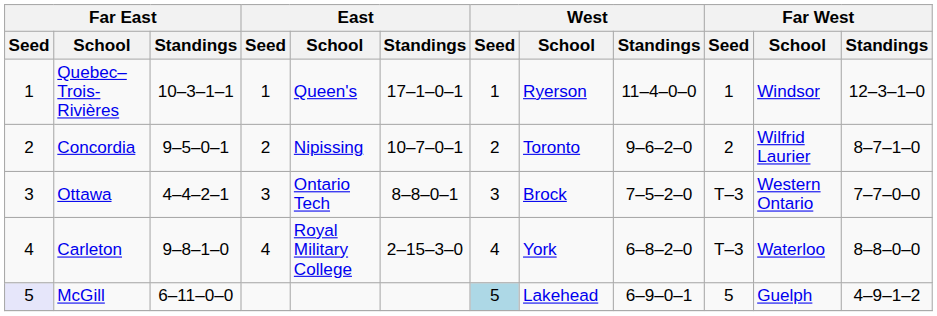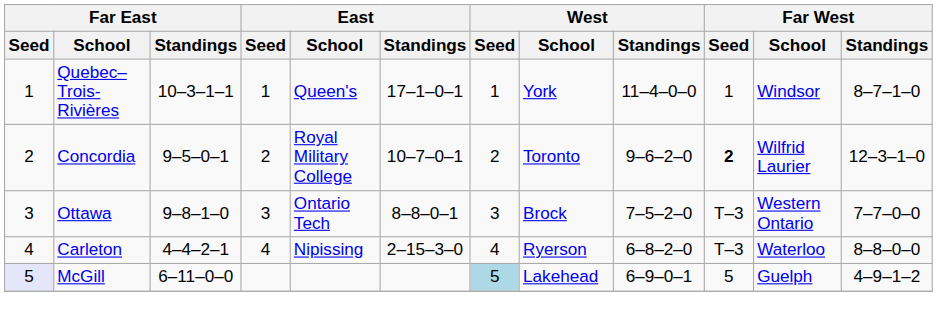 <table class="wikitable">
 <tr>
 <th colspan=3>Far East</th>
 <th colspan=3>East</th>
 <th colspan=3>West</th>
 <th colspan=3>Far West</th>
 </tr>
 <tr>
 <th>Seed</th>
 <th style="width:150px">School</th>
 <th>Standings</th>
 <th>Seed</th>
 <th style="width:150px">School</th>
 <th>Standings</th>
 <th>Seed</th>
 <th style="width:150px">School</th>
 <th>Standings</th>
 <th>Seed</th>
 <th style="width:150px">School</th>
 <th>Standings</th>
 </tr>
 <tr>
 <td align=center>1</td>
 <td><a href='#'>Quebec–Trois-Rivières</a></td>
 <td align=center>10–3–1–1</td>
 <td align=center>1</td>
 <td><a href='#'>Queen's</a></td>
 <td align=center>17–1–0–1</td>
 <td align=center>1</td>
-<td><a href='#'>Ryerson</a></td>
+<td><a href='#'>York</a></td>
 <td align=center>11–4–0–0</td>
 <td align=center>1</td>
 <td><a href='#'>Windsor</a></td>
-<td align=center>12–3–1–0</td>
+<td align=center>8–7–1–0</td>
 </tr>
 <tr>
 <td align=center>2</td>
 <td><a href='#'>Concordia</a></td>
 <td align=center>9–5–0–1</td>
 <td align=center>2</td>
-<td><a href='#'>Nipissing</a></td>
+<td><a href='#'>Royal Military College</a></td>
 <td align=center>10–7–0–1</td>
 <td align=center>2</td>
 <td><a href='#'>Toronto</a></td>
 <td align=center>9–6–2–0</td>
-<td align=center>2</td>
+<td align=center><strong>2</strong></td>
 <td><a href='#'>Wilfrid Laurier</a></td>
-<td align=center>8–7–1–0</td>
+<td align=center>12–3–1–0</td>
 </tr>
 <tr>
 <td align=center>3</td>
 <td><a href='#'>Ottawa</a></td>
-<td align=center>4–4–2–1</td>
+<td align=center>9–8–1–0</td>
 <td align=center>3</td>
 <td><a href='#'>Ontario Tech</a></td>
 <td align=center>8–8–0–1</td>
 <td align=center>3</td>
 <td><a href='#'>Brock</a></td>
 <td align=center>7–5–2–0</td>
 <td align=center>T–3</td>
 <td><a href='#'>Western Ontario</a></td>
 <td align=center>7–7–0–0</td>
 </tr>
 <tr>
 <td align=center>4</td>
 <td><a href='#'>Carleton</a></td>
-<td align=center>9–8–1–0</td>
+<td align=center>4–4–2–1</td>
 <td align=center>4</td>
-<td><a href='#'>Royal Military College</a></td>
+<td><a href='#'>Nipissing</a></td>
 <td align=center>2–15–3–0</td>
 <td align=center>4</td>
-<td><a href='#'>York</a></td>
+<td><a href='#'>Ryerson</a></td>
 <td align=center>6–8–2–0</td>
 <td align=center>T–3</td>
 <td><a href='#'>Waterloo</a></td>
 <td align=center>8–8–0–0</td>
 </tr>
 <tr>
 <td align=center style="background: lavender;">5</td>
 <td><a href='#'>McGill</a></td>
 <td align=center>6–11–0–0</td>
 <td></td>
 <td></td>
 <td></td>
 <td align=center style="background: lightblue;">5</td>
 <td><a href='#'>Lakehead</a></td>
 <td align=center>6–9–0–1</td>
 <td align=center>5</td>
 <td><a href='#'>Guelph</a></td>
 <td align=center>4–9–1–2</td>
 </tr>
 <tr>
 </tr>
 </table>
